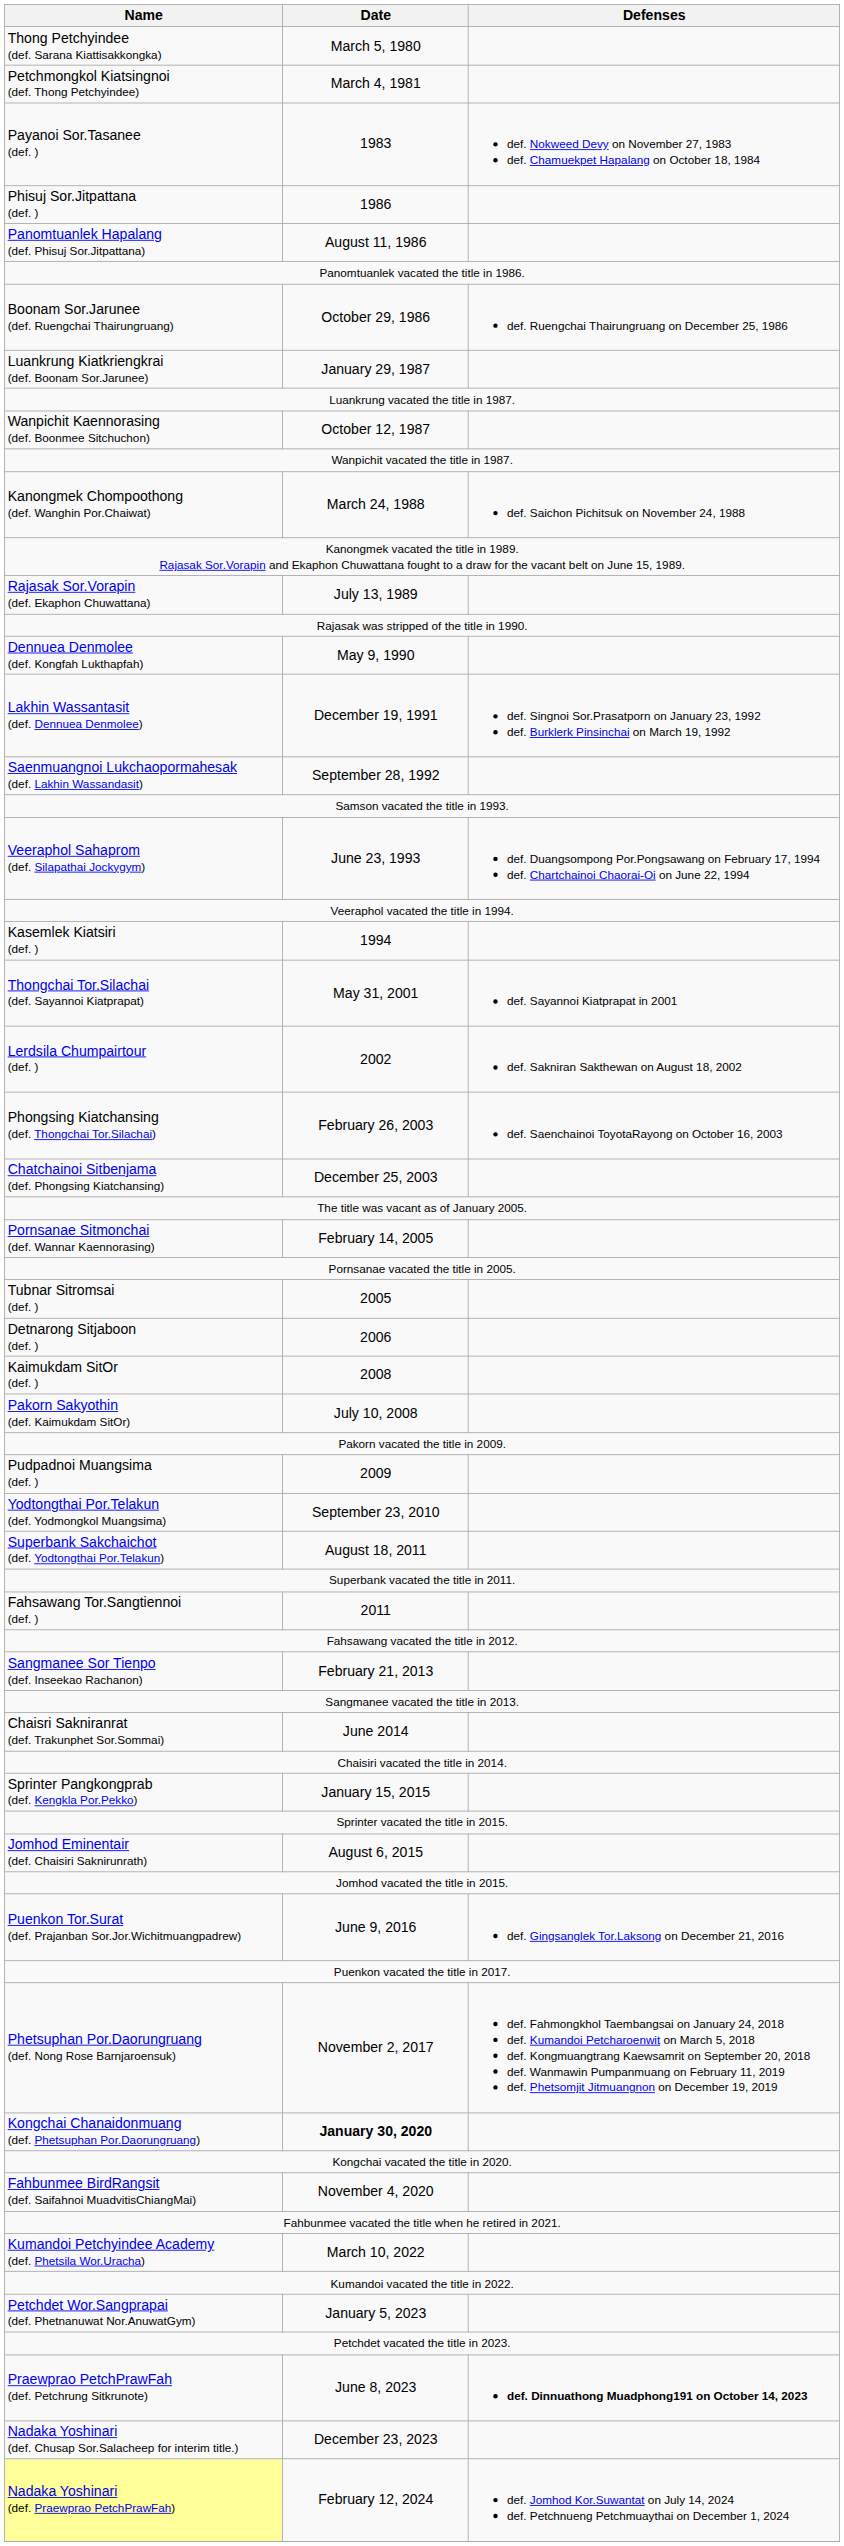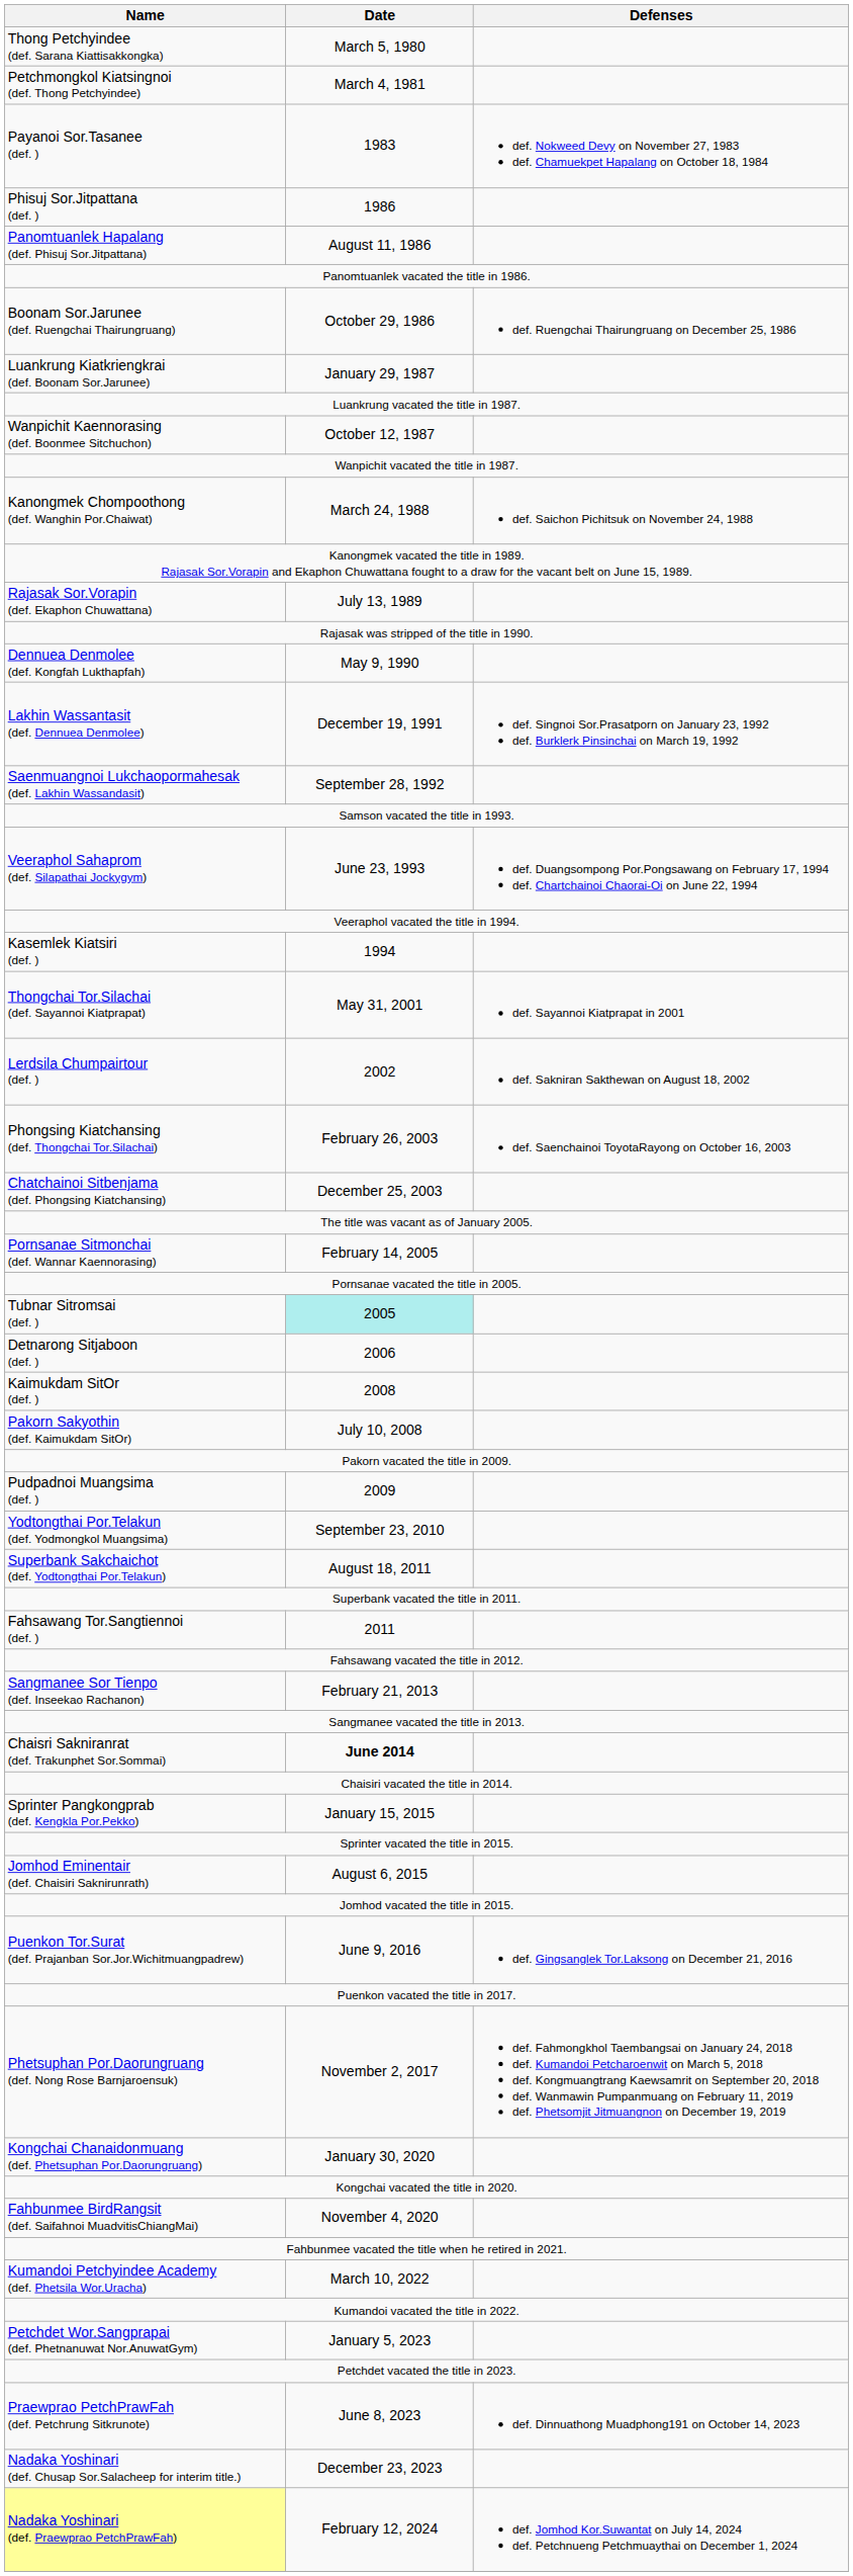 <table class="wikitable" width=60%>
 <tr>
 <th width=30%>Name</th>
 <th width=20%>Date</th>
 <th width=40%>Defenses</th>
 </tr>
 <tr>
 <td align=left> Thong Petchyindee<br><small>(def. Sarana Kiattisakkongka)</small></td>
 <td align=center>March 5, 1980</td>
 <td></td>
 </tr>
 <tr>
 <td align=left> Petchmongkol Kiatsingnoi <br><small>(def. Thong Petchyindee)</small></td>
 <td align=center>March 4, 1981</td>
 <td></td>
 </tr>
 <tr>
 <td align=left> Payanoi Sor.Tasanee <br><small>(def. )</small></td>
 <td align=center>1983</td>
 <td><br><ul><li><small>def. <a href='#'>Nokweed Devy</a> on November 27, 1983</small></li><li><small>def. <a href='#'>Chamuekpet Hapalang</a> on October 18, 1984</small></li></ul></td>
 </tr>
 <tr>
 <td align=left> Phisuj Sor.Jitpattana <br><small>(def. )</small></td>
 <td align=center>1986</td>
 <td></td>
 </tr>
 <tr>
 <td align=left> <a href='#'>Panomtuanlek Hapalang</a> <br><small>(def. Phisuj Sor.Jitpattana)</small></td>
 <td align=center>August 11, 1986</td>
 <td></td>
 </tr>
 <tr>
 <td colspan=4 align=center><small>Panomtuanlek vacated the title in 1986.</small></td>
 </tr>
 <tr>
 <td align=left> Boonam Sor.Jarunee <br><small>(def. Ruengchai Thairungruang)</small></td>
 <td align=center>October 29, 1986</td>
 <td><br><ul><li><small>def. Ruengchai Thairungruang on December 25, 1986</small></li></ul></td>
 </tr>
 <tr>
 <td align=left> Luankrung Kiatkriengkrai <br><small>(def. Boonam Sor.Jarunee)</small></td>
 <td align=center>January 29, 1987</td>
 <td></td>
 </tr>
 <tr>
 <td colspan=4 align=center><small>Luankrung vacated the title in 1987.</small></td>
 </tr>
 <tr>
 <td align=left> Wanpichit Kaennorasing <br><small>(def. Boonmee Sitchuchon)</small></td>
 <td align=center>October 12, 1987</td>
 <td></td>
 </tr>
 <tr>
 <td colspan=4 align=center><small>Wanpichit vacated the title in 1987.</small></td>
 </tr>
 <tr>
 <td align=left> Kanongmek Chompoothong <br><small>(def. Wanghin Por.Chaiwat)</small></td>
 <td align=center>March 24, 1988</td>
 <td><br><ul><li><small>def. Saichon Pichitsuk on November 24, 1988</small></li></ul></td>
 </tr>
 <tr>
 <td colspan=4 align=center><small>Kanongmek vacated the title in 1989.<br><a href='#'>Rajasak Sor.Vorapin</a> and Ekaphon Chuwattana fought to a draw for the vacant belt on June 15, 1989.</small></td>
 </tr>
 <tr>
 <td align=left> <a href='#'>Rajasak Sor.Vorapin</a><br><small>(def. Ekaphon Chuwattana)</small></td>
 <td align=center>July 13, 1989</td>
 <td></td>
 </tr>
 <tr>
 <td colspan=4 align=center><small> Rajasak was stripped of the title in 1990.</small></td>
 </tr>
 <tr>
 <td align=left> <a href='#'>Dennuea Denmolee</a> <br><small>(def. Kongfah Lukthapfah)</small></td>
 <td align=center>May 9, 1990</td>
 <td></td>
 </tr>
 <tr>
 <td align=left> <a href='#'>Lakhin Wassantasit</a> <br><small>(def. <a href='#'>Dennuea Denmolee</a>)</small></td>
 <td align=center>December 19, 1991</td>
 <td><br><ul><li><small>def. Singnoi Sor.Prasatporn on January 23, 1992</small></li><li><small>def. <a href='#'>Burklerk Pinsinchai</a> on March 19, 1992</small></li></ul></td>
 </tr>
 <tr>
 <td align=left> <a href='#'>Saenmuangnoi Lukchaopormahesak</a> <br><small>(def. <a href='#'>Lakhin Wassandasit</a>)</small></td>
 <td align=center>September 28, 1992</td>
 <td></td>
 </tr>
 <tr>
 <td colspan=4 align=center><small>Samson vacated the title in 1993.</small></td>
 </tr>
 <tr>
 <td align=left> <a href='#'>Veeraphol Sahaprom</a> <br><small>(def. <a href='#'>Silapathai Jockygym</a>)</small></td>
 <td align=center>June 23, 1993</td>
 <td><br><ul><li><small>def. Duangsompong Por.Pongsawang on February 17, 1994</small></li><li><small>def. <a href='#'>Chartchainoi Chaorai-Oi</a> on June 22, 1994</small></li></ul></td>
 </tr>
 <tr>
 <td colspan=4 align=center><small>Veeraphol vacated the title in 1994.</small></td>
 </tr>
 <tr>
 <td align=left> Kasemlek Kiatsiri <br><small>(def. )</small></td>
 <td align=center>1994</td>
 <td></td>
 </tr>
 <tr>
 <td align=left> <a href='#'>Thongchai Tor.Silachai</a> <br><small>(def. Sayannoi Kiatprapat)</small></td>
 <td align=center>May 31, 2001</td>
 <td><br><ul><li><small>def. Sayannoi Kiatprapat in 2001</small></li></ul></td>
 </tr>
 <tr>
 <td align=left> <a href='#'>Lerdsila Chumpairtour</a><br><small>(def. )</small></td>
 <td align=center>2002</td>
 <td><br><ul><li><small>def. Sakniran Sakthewan on August 18, 2002</small></li></ul></td>
 </tr>
 <tr>
 <td align=left> Phongsing Kiatchansing<br><small>(def. <a href='#'>Thongchai Tor.Silachai</a>)</small></td>
 <td align=center>February 26, 2003</td>
 <td><br><ul><li><small>def. Saenchainoi ToyotaRayong on October 16, 2003</small></li></ul></td>
 </tr>
 <tr>
 <td align=left> <a href='#'>Chatchainoi Sitbenjama</a><br><small>(def. Phongsing Kiatchansing)</small></td>
 <td align=center>December 25, 2003</td>
 <td></td>
 </tr>
 <tr>
 <td colspan=4 align=center><small>The title was vacant as of January 2005.</small></td>
 </tr>
 <tr>
 <td align=left> <a href='#'>Pornsanae Sitmonchai</a><br><small>(def. Wannar Kaennorasing)</small></td>
 <td align=center>February 14, 2005</td>
 <td></td>
 </tr>
 <tr>
 <td colspan=4 align=center><small>Pornsanae vacated the title in 2005.</small></td>
 </tr>
 <tr>
 <td align=left> Tubnar Sitromsai<br><small>(def. )</small></td>
-<td align=center>2005</td>
+<td align=center style="background: paleturquoise;">2005</td>
 <td></td>
 </tr>
 <tr>
 <td align=left> Detnarong Sitjaboon<br><small>(def. )</small></td>
 <td align=center>2006</td>
 <td></td>
 </tr>
 <tr>
 <td align=left> Kaimukdam SitOr <br><small>(def. )</small></td>
 <td align=center>2008</td>
 <td></td>
 </tr>
 <tr>
 <td align=left> <a href='#'>Pakorn Sakyothin</a> <br><small>(def. Kaimukdam SitOr)</small></td>
 <td align=center>July 10, 2008</td>
 <td></td>
 </tr>
 <tr>
 <td colspan=4 align=center><small>Pakorn vacated the title in 2009.</small></td>
 </tr>
 <tr>
 <td align=left> Pudpadnoi Muangsima<br><small>(def. )</small></td>
 <td align=center>2009</td>
 <td></td>
 </tr>
 <tr>
 <td align=left> <a href='#'>Yodtongthai Por.Telakun</a> <br><small>(def. Yodmongkol Muangsima)</small></td>
 <td align=center>September 23, 2010</td>
 <td></td>
 </tr>
 <tr>
 <td align=left> <a href='#'>Superbank Sakchaichot</a> <br><small>(def. <a href='#'>Yodtongthai Por.Telakun</a>)</small></td>
 <td align=center>August 18, 2011</td>
 <td></td>
 </tr>
 <tr>
 <td colspan=4 align=center><small>Superbank vacated the title in 2011.</small></td>
 </tr>
 <tr>
 <td align=left> Fahsawang Tor.Sangtiennoi <br><small>(def. )</small></td>
 <td align=center>2011</td>
 <td></td>
 </tr>
 <tr>
 <td colspan=4 align=center><small>Fahsawang vacated the title in 2012.</small></td>
 </tr>
 <tr>
 <td align=left> <a href='#'>Sangmanee Sor Tienpo</a> <br><small>(def. Inseekao Rachanon)</small></td>
 <td align=center>February 21, 2013</td>
 <td></td>
 </tr>
 <tr>
 <td colspan=4 align=center><small>Sangmanee vacated the title in 2013.</small></td>
 </tr>
 <tr>
 <td align=left> Chaisri Sakniranrat<br><small>(def. Trakunphet Sor.Sommai)</small></td>
-<td align=center>June 2014</td>
+<td align=center><strong>June 2014</strong></td>
 <td></td>
 </tr>
 <tr>
 <td colspan=4 align=center><small>Chaisiri vacated the title in 2014.</small></td>
 </tr>
 <tr>
 <td align=left> Sprinter Pangkongprab <br><small>(def. <a href='#'>Kengkla Por.Pekko</a>)</small></td>
 <td align=center>January 15, 2015</td>
 <td></td>
 </tr>
 <tr>
 <td colspan=4 align=center><small>Sprinter vacated the title in 2015.</small></td>
 </tr>
 <tr>
 <td align=left> <a href='#'>Jomhod Eminentair</a> <br><small>(def. Chaisiri Saknirunrath)</small></td>
 <td align=center>August 6, 2015</td>
 <td></td>
 </tr>
 <tr>
 <td colspan=4 align=center><small>Jomhod vacated the title in 2015.</small></td>
 </tr>
 <tr>
 <td align=left> <a href='#'>Puenkon Tor.Surat</a> <br><small>(def. Prajanban Sor.Jor.Wichitmuangpadrew)</small></td>
 <td align=center>June 9, 2016</td>
 <td><br><ul><li><small>def. <a href='#'>Gingsanglek Tor.Laksong</a> on December 21, 2016</small></li></ul></td>
 </tr>
 <tr>
 <td colspan=4 align=center><small>Puenkon vacated the title in 2017.</small></td>
 </tr>
 <tr>
 <td align=left> <a href='#'>Phetsuphan Por.Daorungruang</a> <br><small>(def. Nong Rose Barnjaroensuk)</small></td>
 <td align=center>November 2, 2017</td>
 <td><br><ul><li><small>def. Fahmongkhol Taembangsai on January 24, 2018</small></li><li><small>def. <a href='#'>Kumandoi Petcharoenwit</a> on March 5, 2018</small></li><li><small>def. Kongmuangtrang Kaewsamrit on September 20, 2018</small></li><li><small>def. Wanmawin Pumpanmuang on February 11, 2019</small></li><li><small>def. <a href='#'>Phetsomjit Jitmuangnon</a> on December 19, 2019</small></li></ul></td>
 </tr>
 <tr>
 <td align=left> <a href='#'>Kongchai Chanaidonmuang</a> <br><small>(def. <a href='#'>Phetsuphan Por.Daorungruang</a>)</small></td>
-<td align=center><strong>January 30, 2020</strong></td>
+<td align=center>January 30, 2020</td>
 <td></td>
 </tr>
 <tr>
 <td colspan=4 align=center><small>Kongchai vacated the title in 2020.</small></td>
 </tr>
 <tr>
 <td align=left> <a href='#'>Fahbunmee BirdRangsit</a> <br><small>(def. Saifahnoi MuadvitisChiangMai)</small></td>
 <td align=center>November 4, 2020</td>
 <td></td>
 </tr>
 <tr>
 <td colspan=4 align=center><small>Fahbunmee vacated the title when he retired in 2021.</small></td>
 </tr>
 <tr>
 <td align=left> <a href='#'>Kumandoi Petchyindee Academy</a> <br><small>(def. <a href='#'>Phetsila Wor.Uracha</a>)</small></td>
 <td align=center>March 10, 2022</td>
 <td></td>
 </tr>
 <tr>
 <td colspan=4 align=center><small>Kumandoi vacated the title in 2022.</small></td>
 </tr>
 <tr>
 <td align=left> <a href='#'>Petchdet Wor.Sangprapai</a> <br><small>(def. Phetnanuwat Nor.AnuwatGym)</small></td>
 <td align=center>January 5, 2023</td>
 <td></td>
 </tr>
 <tr>
 <td colspan=4 align=center><small>Petchdet vacated the title in 2023.</small></td>
 </tr>
 <tr>
 <td align=left> <a href='#'>Praewprao PetchPrawFah</a> <br><small>(def. Petchrung Sitkrunote)</small></td>
 <td align=center>June 8, 2023</td>
-<td><strong><br><ul><li><small>def. Dinnuathong Muadphong191 on October 14, 2023</small></li></ul></strong></td>
+<td><br><ul><li><small>def. Dinnuathong Muadphong191 on October 14, 2023</small></li></ul></td>
 </tr>
 <tr>
 <td align=left> <a href='#'>Nadaka Yoshinari</a> <br><small>(def. Chusap Sor.Salacheep for interim title.)</small></td>
 <td align=center>December 23, 2023</td>
 <td></td>
 </tr>
 <tr>
 <td align=left bgcolor="#FFFF99"> <a href='#'>Nadaka Yoshinari</a> <br><small>(def. <a href='#'>Praewprao PetchPrawFah</a>)</small></td>
 <td align=center>February 12, 2024</td>
 <td><br><ul><li><small>def. <a href='#'>Jomhod Kor.Suwantat</a> on July 14, 2024</small></li><li><small>def. Petchnueng Petchmuaythai on December 1, 2024</small></li></ul></td>
 </tr>
 <tr>
 </tr>
 </table>
